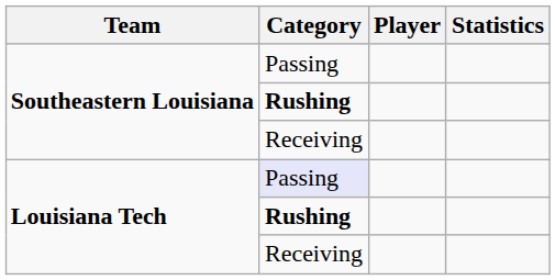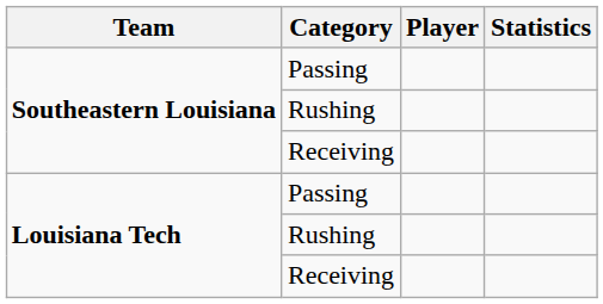 <table class="wikitable" style="float: right;">
 <tr>
 <th>Team</th>
 <th>Category</th>
 <th>Player</th>
 <th>Statistics</th>
 </tr>
 <tr>
 <td rowspan=3><strong>Southeastern Louisiana</strong></td>
 <td>Passing</td>
 <td></td>
 <td></td>
 </tr>
 <tr>
-<td><strong>Rushing</strong></td>
+<td>Rushing</td>
 <td></td>
 <td></td>
 </tr>
 <tr>
 <td>Receiving</td>
 <td></td>
 <td></td>
 </tr>
 <tr>
 <td rowspan=3><strong>Louisiana Tech</strong></td>
-<td style="background: lavender;">Passing</td>
+<td>Passing</td>
 <td></td>
 <td></td>
 </tr>
 <tr>
-<td><strong>Rushing</strong></td>
+<td>Rushing</td>
 <td></td>
 <td></td>
 </tr>
 <tr>
 <td>Receiving</td>
 <td></td>
 <td></td>
 </tr>
 </table>
